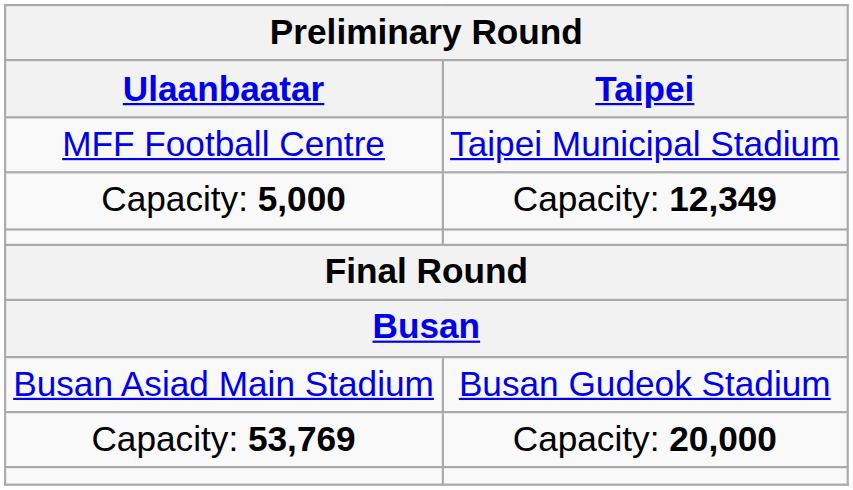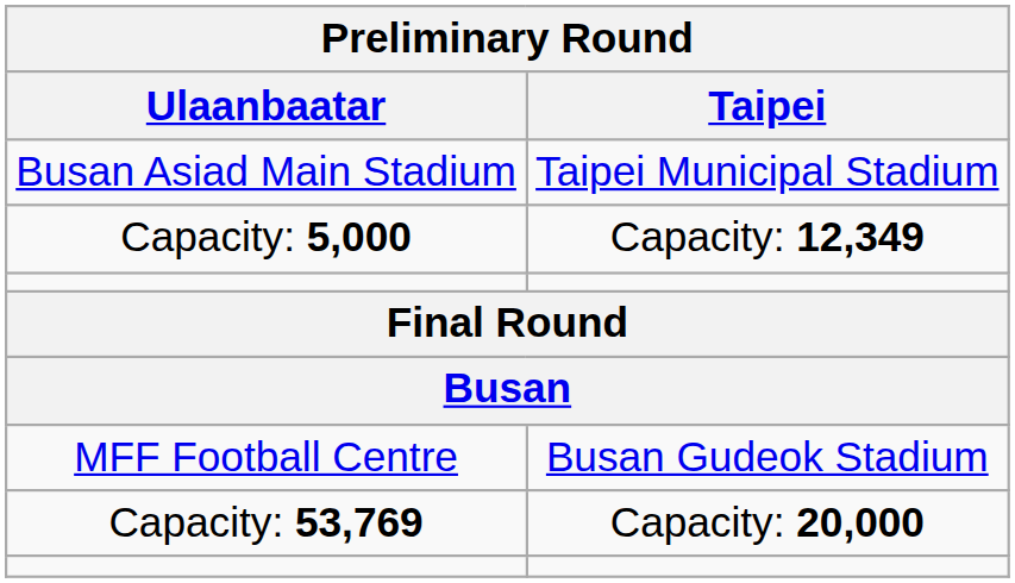 <table class="wikitable" style="text-align:center">
 <tr>
 <th colspan=2>Preliminary Round</th>
 </tr>
 <tr>
 <th> <a href='#'>Ulaanbaatar</a></th>
 <th> <a href='#'>Taipei</a></th>
 </tr>
 <tr>
-<td><a href='#'>MFF Football Centre</a></td>
+<td><a href='#'>Busan Asiad Main Stadium</a></td>
 <td><a href='#'>Taipei Municipal Stadium</a></td>
 </tr>
 <tr>
 <td>Capacity: <strong>5,000</strong></td>
 <td>Capacity: <strong>12,349</strong></td>
 </tr>
 <tr>
 <td></td>
 <td></td>
 </tr>
 <tr>
 <th colspan=2>Final Round</th>
 </tr>
 <tr>
 <th colspan=2> <a href='#'>Busan</a></th>
 </tr>
 <tr>
-<td><a href='#'>Busan Asiad Main Stadium</a></td>
+<td><a href='#'>MFF Football Centre</a></td>
 <td><a href='#'>Busan Gudeok Stadium</a></td>
 </tr>
 <tr>
 <td>Capacity: <strong>53,769</strong></td>
 <td>Capacity: <strong>20,000</strong></td>
 </tr>
 <tr>
 <td></td>
 <td></td>
 </tr>
 </table>
